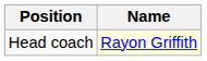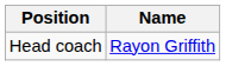 <table class="wikitable">
 <tr>
 <th>Position</th>
 <th>Name</th>
 </tr>
 <tr>
 <td>Head coach</td>
-<td style="background: lightyellow;"><a href='#'>Rayon Griffith</a></td>
+<td><a href='#'>Rayon Griffith</a></td>
 </tr>
 </table>
